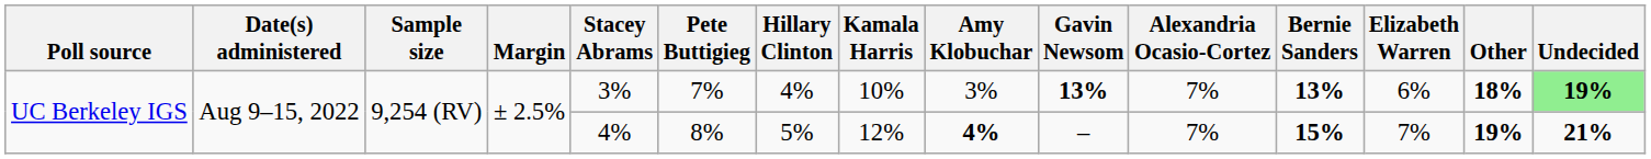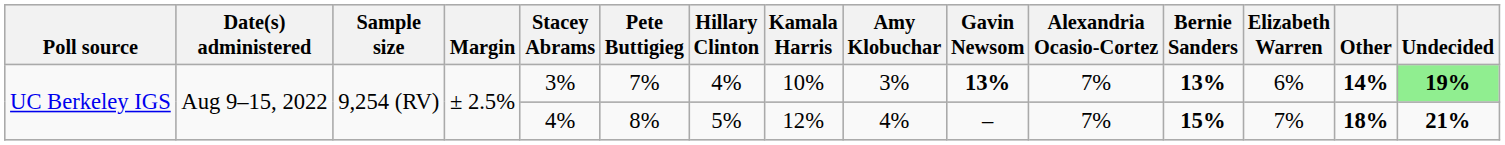 <table class="wikitable tpl-blanktable" style="font-size:90%;text-align:center;">
 <tr valign=bottom style="font-size:90%;">
 <th>Poll source</th>
 <th>Date(s)<br>administered</th>
 <th>Sample<br>size</th>
 <th>Margin<br></th>
 <th>Stacey<br>Abrams</th>
 <th>Pete<br>Buttigieg</th>
 <th>Hillary<br>Clinton</th>
 <th>Kamala<br>Harris</th>
 <th>Amy<br>Klobuchar</th>
 <th>Gavin<br>Newsom</th>
 <th>Alexandria<br>Ocasio-Cortez</th>
 <th>Bernie<br>Sanders</th>
 <th>Elizabeth<br>Warren</th>
 <th>Other</th>
 <th>Undecided</th>
 </tr>
 <tr>
 <td rowspan=2><a href='#'>UC Berkeley IGS</a></td>
 <td rowspan=2>Aug 9–15, 2022</td>
 <td rowspan=2>9,254 (RV)</td>
 <td rowspan=2>± 2.5%</td>
 <td>3%</td>
 <td>7%</td>
 <td>4%</td>
 <td>10%</td>
 <td>3%</td>
 <td><strong>13%</strong></td>
 <td>7%</td>
 <td><strong>13%</strong></td>
 <td>6%</td>
-<td><strong>18%</strong></td>
+<td><strong>14%</strong></td>
 <td style="background: lightgreen;"><strong>19%</strong></td>
 </tr>
 <tr>
 <td>4%</td>
 <td>8%</td>
 <td>5%</td>
 <td>12%</td>
-<td><strong>4%</strong></td>
+<td>4%</td>
 <td>–</td>
 <td>7%</td>
 <td><strong>15%</strong></td>
 <td>7%</td>
-<td><strong>19%</strong></td>
+<td><strong>18%</strong></td>
 <td><strong>21%</strong></td>
 </tr>
 </table>
